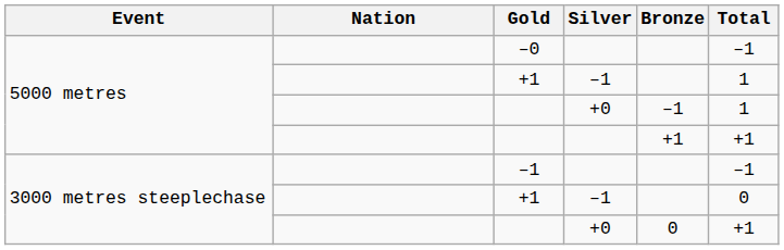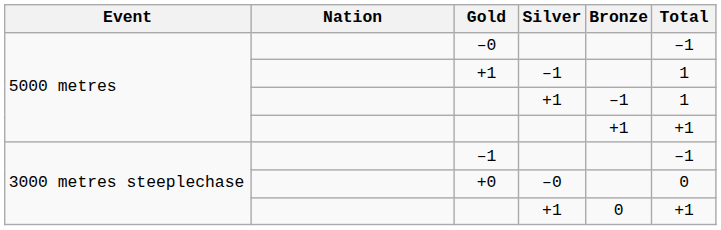 <table class="wikitable" style="text-align:center; font-size:90%;">
 <tr>
 <th scope="col" width="170">Event</th>
 <th scope="col" width="140">Nation</th>
 <th scope="col" width="40">Gold</th>
 <th scope="col" width="40">Silver</th>
 <th scope="col" width="40">Bronze</th>
 <th scope="col" width="40">Total</th>
 </tr>
 <tr>
 <td rowspan=4 align=left>5000 metres</td>
 <td align=left></td>
 <td>–0</td>
 <td></td>
 <td></td>
 <td>–1</td>
 </tr>
 <tr>
 <td align=left></td>
 <td>+1</td>
 <td>–1</td>
 <td></td>
 <td>1</td>
 </tr>
 <tr>
 <td align=left></td>
 <td></td>
-<td>+0</td>
+<td>+1</td>
 <td>–1</td>
 <td>1</td>
 </tr>
 <tr>
 <td align=left></td>
 <td></td>
 <td></td>
 <td>+1</td>
 <td>+1</td>
 </tr>
 <tr>
 <td rowspan=3 align=left>3000 metres steeplechase</td>
 <td align=left></td>
 <td>–1</td>
 <td></td>
 <td></td>
 <td>–1</td>
 </tr>
 <tr>
 <td align=left></td>
-<td>+1</td>
-<td>–1</td>
+<td>+0</td>
+<td>–0</td>
 <td></td>
 <td>0</td>
 </tr>
 <tr>
 <td align=left></td>
 <td></td>
-<td>+0</td>
+<td>+1</td>
 <td>0</td>
 <td>+1</td>
 </tr>
 </table>
